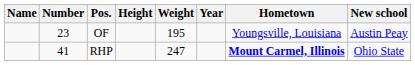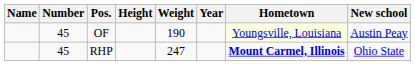 <table class="wikitable sortable sortable" style="text-align: center">
 <tr align=center>
 <th>Name</th>
 <th>Number</th>
 <th>Pos.</th>
 <th>Height</th>
 <th>Weight</th>
 <th>Year</th>
 <th>Hometown</th>
 <th>New school</th>
 </tr>
 <tr>
 <td></td>
-<td>23</td>
+<td>45</td>
 <td>OF</td>
 <td></td>
-<td>195</td>
+<td>190</td>
 <td></td>
-<td><a href='#'>Youngsville, Louisiana</a></td>
+<td style="background: lightyellow;"><a href='#'>Youngsville, Louisiana</a></td>
 <td><a href='#'>Austin Peay</a></td>
 </tr>
 <tr>
 <td></td>
-<td>41</td>
+<td>45</td>
 <td>RHP</td>
 <td></td>
 <td>247</td>
 <td></td>
 <td><strong><a href='#'>Mount Carmel, Illinois</a></strong></td>
 <td><a href='#'>Ohio State</a></td>
 </tr>
 </table>
